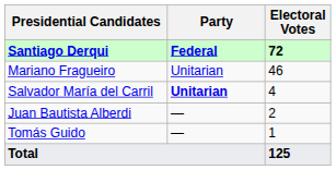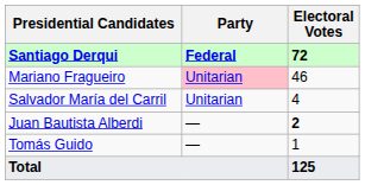 <table class="wikitable" width="45%">
 <tr>
 <th width="50%">Presidential Candidates</th>
 <th width="30%">Party</th>
 <th width="20%">Electoral Votes</th>
 </tr>
 <tr style="background:#cfc;">
 <td><strong><a href='#'>Santiago Derqui</a></strong></td>
 <td><strong><a href='#'>Federal</a></strong></td>
 <td><strong>72</strong></td>
 </tr>
 <tr>
 <td><a href='#'>Mariano Fragueiro</a></td>
-<td><a href='#'>Unitarian</a></td>
+<td style="background: pink;"><a href='#'>Unitarian</a></td>
 <td>46</td>
 </tr>
 <tr>
 <td><a href='#'>Salvador María del Carril</a></td>
-<td><strong><a href='#'>Unitarian</a></strong></td>
+<td><a href='#'>Unitarian</a></td>
 <td>4</td>
 </tr>
 <tr>
 <td><a href='#'>Juan Bautista Alberdi</a></td>
 <td>—</td>
-<td>2</td>
+<td><strong>2</strong></td>
 </tr>
 <tr>
 <td><a href='#'>Tomás Guido</a></td>
 <td>—</td>
 <td>1</td>
 </tr>
 <tr style="background:#EAECF0;">
 <td colspan=2><strong>Total</strong></td>
 <td><strong>125</strong></td>
 </tr>
 </table>
